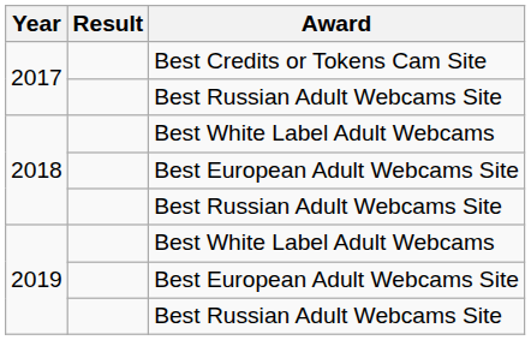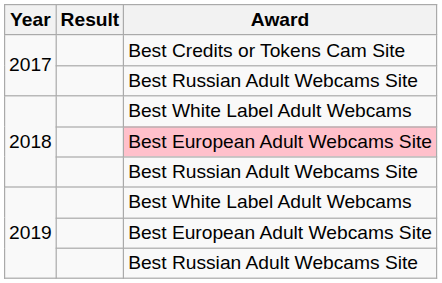 <table class="wikitable">
 <tr>
 <th>Year</th>
 <th>Result</th>
 <th>Award</th>
 </tr>
 <tr>
 <td rowspan="2">2017</td>
 <td></td>
 <td>Best Credits or Tokens Cam Site</td>
 </tr>
 <tr>
 <td></td>
 <td>Best Russian Adult Webcams Site</td>
 </tr>
 <tr>
 <td rowspan="3" 2018>2018</td>
 <td></td>
 <td>Best White Label Adult Webcams</td>
 </tr>
 <tr>
 <td></td>
-<td>Best European Adult Webcams Site</td>
+<td style="background: pink;">Best European Adult Webcams Site</td>
 </tr>
 <tr>
 <td></td>
 <td>Best Russian Adult Webcams Site</td>
 </tr>
 <tr>
 <td rowspan="3" 2019>2019</td>
 <td></td>
 <td>Best White Label Adult Webcams</td>
 </tr>
 <tr>
 <td></td>
 <td>Best European Adult Webcams Site</td>
 </tr>
 <tr>
 <td></td>
 <td>Best Russian Adult Webcams Site</td>
 </tr>
 </table>
